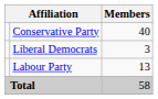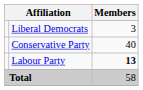 <table class="wikitable">
 <tr>
 <th colspan="2">Affiliation</th>
 <th>Members</th>
+</tr>
+<tr>
+<td style="color:inherit;background:"></td>
+<td><a href='#'>Liberal Democrats</a></td>
+<td align="right">3</td>
 </tr>
 <tr>
 <td style="color:inherit;background:"></td>
 <td><a href='#'>Conservative Party</a></td>
 <td align="right">40</td>
 </tr>
 <tr>
 <td style="color:inherit;background:"></td>
-<td><a href='#'>Liberal Democrats</a></td>
-<td align="right">3</td>
-</tr>
-<tr>
-<td style="color:inherit;background:"></td>
 <td><a href='#'>Labour Party</a></td>
-<td align="right">13</td>
+<td align="right"><strong>13</strong></td>
 </tr>
 <tr bgcolor="CCCCCC">
 <td colspan="2" rowspan="1"> <strong>Total</strong></td>
 <td align="right">58</td>
 </tr>
 <tr>
 </tr>
 </table>
